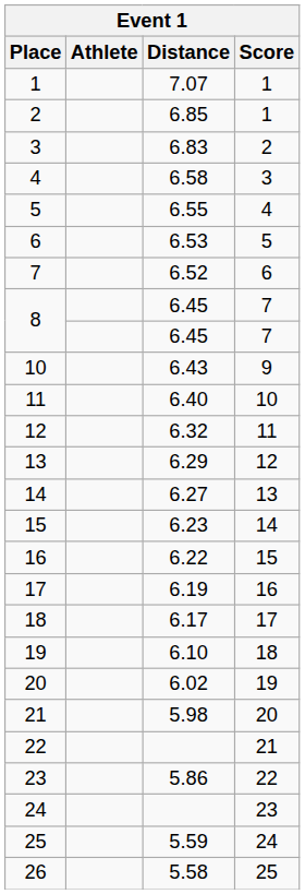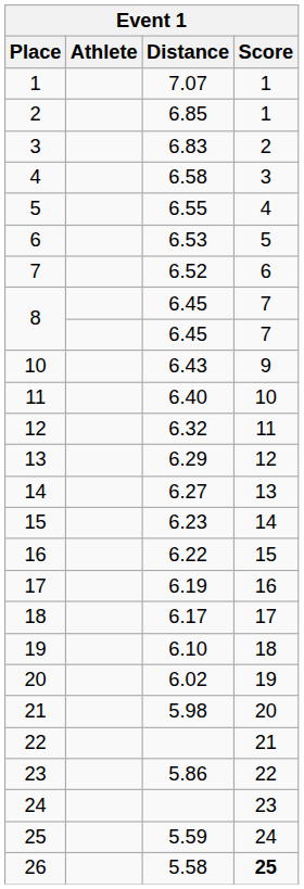 <table class=wikitable style="text-align:center">
 <tr>
 <th colspan=4>Event 1</th>
 </tr>
 <tr>
 <th>Place</th>
 <th>Athlete</th>
 <th>Distance</th>
 <th>Score</th>
 </tr>
 <tr>
 <td>1</td>
 <td align=left></td>
 <td>7.07</td>
 <td>1</td>
 </tr>
 <tr>
 <td>2</td>
 <td align=left></td>
 <td>6.85</td>
 <td>1</td>
 </tr>
 <tr>
 <td>3</td>
 <td align=left></td>
 <td>6.83</td>
 <td>2</td>
 </tr>
 <tr>
 <td>4</td>
 <td align=left></td>
 <td>6.58</td>
 <td>3</td>
 </tr>
 <tr>
 <td>5</td>
 <td align=left></td>
 <td>6.55</td>
 <td>4</td>
 </tr>
 <tr>
 <td>6</td>
 <td align=left></td>
 <td>6.53</td>
 <td>5</td>
 </tr>
 <tr>
 <td>7</td>
 <td align=left></td>
 <td>6.52</td>
 <td>6</td>
 </tr>
 <tr>
 <td rowspan=2>8</td>
 <td align=left></td>
 <td>6.45</td>
 <td>7</td>
 </tr>
 <tr>
 <td align=left></td>
 <td>6.45</td>
 <td>7</td>
 </tr>
 <tr>
 <td>10</td>
 <td align=left></td>
 <td>6.43</td>
 <td>9</td>
 </tr>
 <tr>
 <td>11</td>
 <td align=left></td>
 <td>6.40</td>
 <td>10</td>
 </tr>
 <tr>
 <td>12</td>
 <td align=left></td>
 <td>6.32</td>
 <td>11</td>
 </tr>
 <tr>
 <td>13</td>
 <td align=left></td>
 <td>6.29</td>
 <td>12</td>
 </tr>
 <tr>
 <td>14</td>
 <td align=left></td>
 <td>6.27</td>
 <td>13</td>
 </tr>
 <tr>
 <td>15</td>
 <td align=left></td>
 <td>6.23</td>
 <td>14</td>
 </tr>
 <tr>
 <td>16</td>
 <td align=left></td>
 <td>6.22</td>
 <td>15</td>
 </tr>
 <tr>
 <td>17</td>
 <td align=left></td>
 <td>6.19</td>
 <td>16</td>
 </tr>
 <tr>
 <td>18</td>
 <td align=left></td>
 <td>6.17</td>
 <td>17</td>
 </tr>
 <tr>
 <td>19</td>
 <td align=left></td>
 <td>6.10</td>
 <td>18</td>
 </tr>
 <tr>
 <td>20</td>
 <td align=left></td>
 <td>6.02</td>
 <td>19</td>
 </tr>
 <tr>
 <td>21</td>
 <td align=left></td>
 <td>5.98</td>
 <td>20</td>
 </tr>
 <tr>
 <td>22</td>
 <td align=left></td>
 <td></td>
 <td>21</td>
 </tr>
 <tr>
 <td>23</td>
 <td align=left></td>
 <td>5.86</td>
 <td>22</td>
 </tr>
 <tr>
 <td>24</td>
 <td align=left></td>
 <td></td>
 <td>23</td>
 </tr>
 <tr>
 <td>25</td>
 <td align=left></td>
 <td>5.59</td>
 <td>24</td>
 </tr>
 <tr>
 <td>26</td>
 <td align=left></td>
 <td>5.58</td>
-<td>25</td>
+<td><strong>25</strong></td>
 </tr>
 </table>
